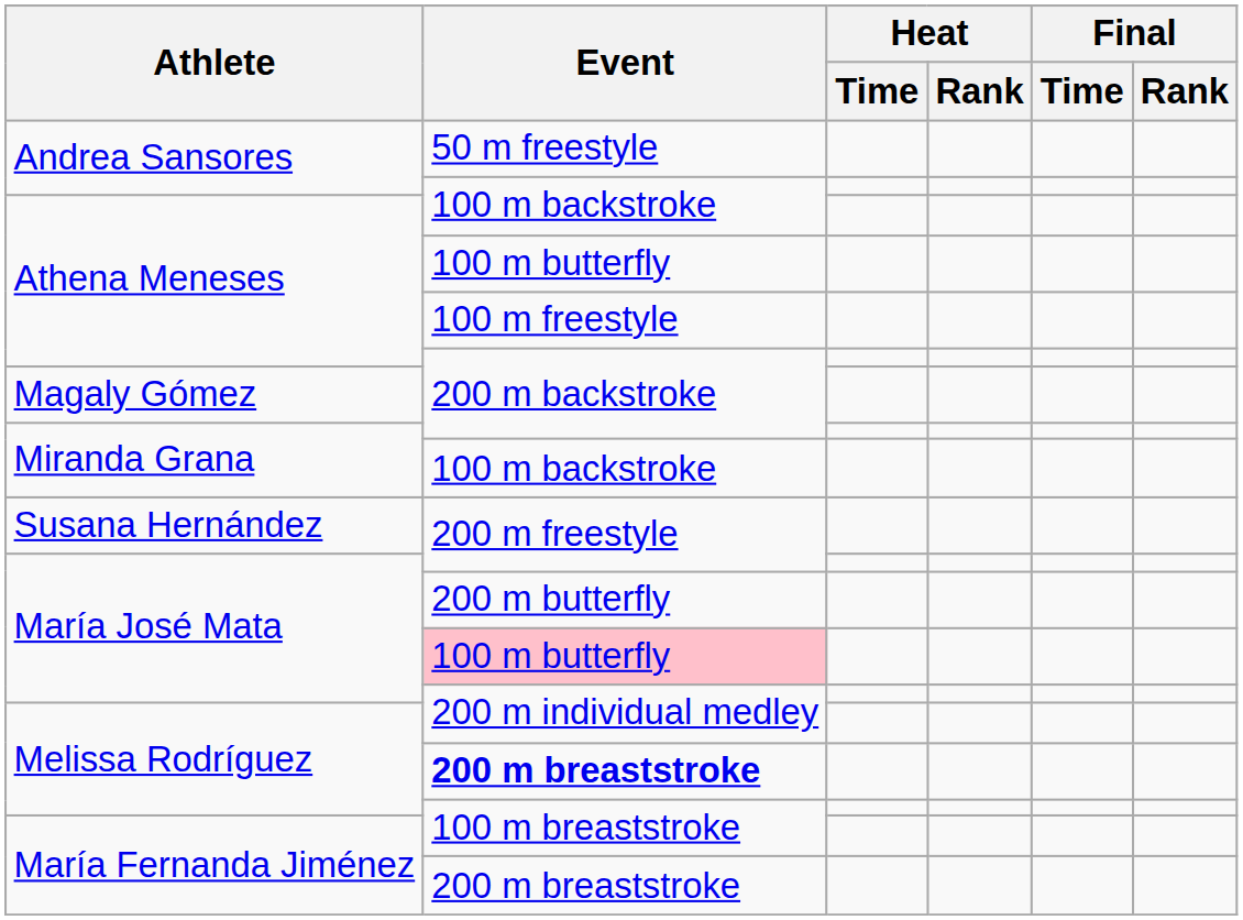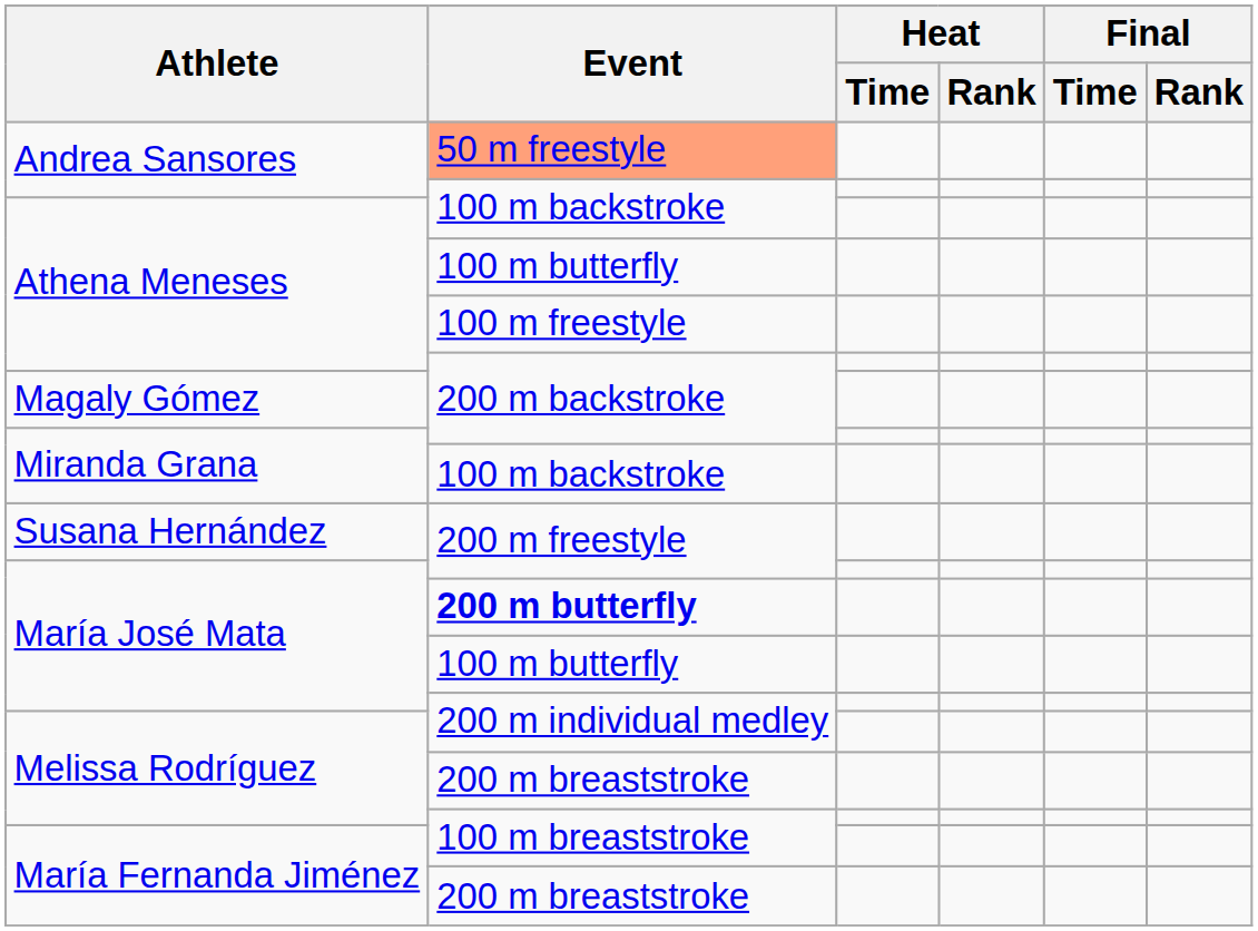 <table class="wikitable">
 <tr>
 <th rowspan="2">Athlete</th>
 <th rowspan="2">Event</th>
 <th colspan="2">Heat</th>
 <th colspan="2">Final</th>
 </tr>
 <tr>
 <th>Time</th>
 <th>Rank</th>
 <th>Time</th>
 <th>Rank</th>
 </tr>
 <tr>
 <td rowspan="2"><a href='#'>Andrea Sansores</a></td>
-<td><a href='#'>50 m freestyle</a></td>
+<td style="background: lightsalmon;"><a href='#'>50 m freestyle</a></td>
 <td></td>
 <td></td>
 <td></td>
 <td></td>
 </tr>
 <tr>
 <td rowspan="2" align="left"><a href='#'>100 m backstroke</a></td>
 <td></td>
 <td></td>
 <td></td>
 <td></td>
 </tr>
 <tr>
 <td rowspan="4"><a href='#'>Athena Meneses</a></td>
 <td></td>
 <td></td>
 <td></td>
 <td></td>
 </tr>
 <tr>
 <td><a href='#'>100 m butterfly</a></td>
 <td></td>
 <td></td>
 <td></td>
 <td></td>
 </tr>
 <tr>
 <td><a href='#'>100 m freestyle</a></td>
 <td></td>
 <td></td>
 <td></td>
 <td></td>
 </tr>
 <tr>
 <td rowspan="3" align="left"><a href='#'>200 m backstroke</a></td>
 <td></td>
 <td></td>
 <td></td>
 <td></td>
 </tr>
 <tr>
 <td><a href='#'>Magaly Gómez</a></td>
 <td></td>
 <td></td>
 <td></td>
 <td></td>
 </tr>
 <tr>
 <td rowspan="2"><a href='#'>Miranda Grana</a></td>
 <td></td>
 <td></td>
 <td></td>
 <td></td>
 </tr>
 <tr>
 <td><a href='#'>100 m backstroke</a></td>
 <td></td>
 <td></td>
 <td></td>
 <td></td>
 </tr>
 <tr>
 <td><a href='#'>Susana Hernández</a></td>
 <td rowspan="2"><a href='#'>200 m freestyle</a></td>
 <td></td>
 <td></td>
 <td></td>
 <td></td>
 </tr>
 <tr>
 <td rowspan="4"><a href='#'>María José Mata</a></td>
 <td></td>
 <td></td>
 <td></td>
 <td></td>
 </tr>
 <tr>
-<td><a href='#'>200 m butterfly</a></td>
+<td><strong><a href='#'>200 m butterfly</a></strong></td>
 <td></td>
 <td></td>
 <td></td>
 <td></td>
 </tr>
 <tr>
-<td style="background: pink;"><a href='#'>100 m butterfly</a></td>
+<td><a href='#'>100 m butterfly</a></td>
 <td></td>
 <td></td>
 <td></td>
 <td></td>
 </tr>
 <tr>
 <td rowspan="2"><a href='#'>200 m individual medley</a></td>
 <td></td>
 <td></td>
 <td></td>
 <td></td>
 </tr>
 <tr>
 <td rowspan="3"><a href='#'>Melissa Rodríguez</a></td>
 <td></td>
 <td></td>
 <td></td>
 <td></td>
 </tr>
 <tr>
-<td><strong><a href='#'>200 m breaststroke</a></strong></td>
+<td><a href='#'>200 m breaststroke</a></td>
 <td></td>
 <td></td>
 <td></td>
 <td></td>
 </tr>
 <tr>
 <td rowspan="2"><a href='#'>100 m breaststroke</a></td>
 <td></td>
 <td></td>
 <td></td>
 <td></td>
 </tr>
 <tr>
 <td rowspan="2"><a href='#'>María Fernanda Jiménez</a></td>
 <td></td>
 <td></td>
 <td></td>
 <td></td>
 </tr>
 <tr>
 <td><a href='#'>200 m breaststroke</a></td>
 <td></td>
 <td></td>
 <td></td>
 <td></td>
 </tr>
 </table>
